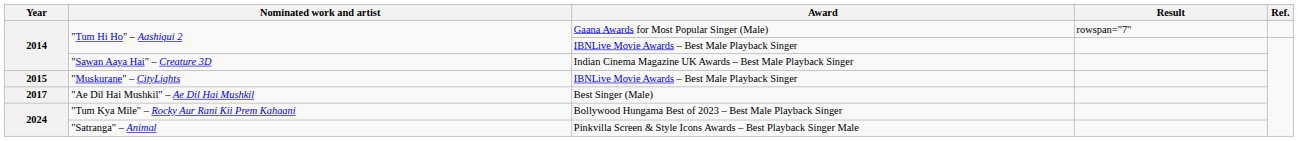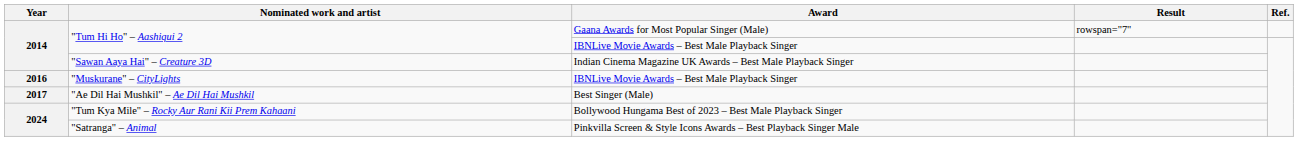 <table class="wikitable plainrowheaders" width="100%" "textcolor:#000;">
 <tr>
 <th scope="col" width=5%><strong>Year</strong></th>
 <th scope="col" width=39%><strong>Nominated work and artist</strong></th>
 <th scope="col" width=39%><strong>Award</strong></th>
 <th scope="col" width=15%><strong>Result</strong></th>
 <th scope="col" width=2%><strong>Ref.</strong></th>
 </tr>
 <tr>
 <th scope="row" rowspan="3">2014</th>
 <td rowspan="2">"<a href='#'>Tum Hi Ho</a>" – <em><a href='#'>Aashiqui 2</a></em></td>
 <td><a href='#'>Gaana Awards</a> for Most Popular Singer (Male)</td>
 <td>rowspan="7" </td>
 <td></td>
 </tr>
 <tr>
 <td><a href='#'>IBNLive Movie Awards</a> – Best Male Playback Singer</td>
 <td></td>
 </tr>
 <tr>
 <td>"<a href='#'>Sawan Aaya Hai</a>" – <em><a href='#'>Creature 3D</a></em></td>
 <td>Indian Cinema Magazine UK Awards – Best Male Playback Singer</td>
 <td></td>
 </tr>
 <tr>
-<th scope="row">2015</th>
+<th scope="row">2016</th>
 <td>"<a href='#'>Muskurane</a>" – <em><a href='#'>CityLights</a></em></td>
 <td><a href='#'>IBNLive Movie Awards</a> – Best Male Playback Singer</td>
 <td></td>
 </tr>
 <tr>
 <th scope="row">2017</th>
 <td>"Ae Dil Hai Mushkil" – <em><a href='#'>Ae Dil Hai Mushkil</a></em></td>
 <td>Best Singer (Male)</td>
 <td></td>
 </tr>
 <tr .>
 <th scope="row" rowspan="2">2024</th>
 <td>"Tum Kya Mile" – <em><a href='#'>Rocky Aur Rani Kii Prem Kahaani</a></em></td>
 <td>Bollywood Hungama Best of 2023 – Best Male Playback Singer</td>
 <td></td>
 </tr>
 <tr>
 <td>"Satranga" – <em><a href='#'>Animal</a></em></td>
 <td>Pinkvilla Screen & Style Icons Awards – Best Playback Singer Male</td>
 <td></td>
 </tr>
 </table>
